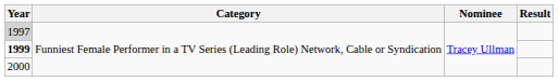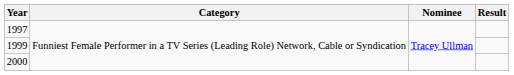 <table class="wikitable">
 <tr>
 <th>Year</th>
 <th>Category</th>
 <th>Nominee</th>
 <th>Result</th>
 </tr>
 <tr>
-<td style="background: lightgrey;">1997</td>
+<td>1997</td>
 <td rowspan=3>Funniest Female Performer in a TV Series (Leading Role) Network, Cable or Syndication</td>
 <td rowspan=3><a href='#'>Tracey Ullman</a></td>
 <td></td>
 </tr>
 <tr>
-<td><strong>1999</strong></td>
+<td>1999</td>
 <td></td>
 </tr>
 <tr>
 <td>2000</td>
 <td></td>
 </tr>
 </table>
